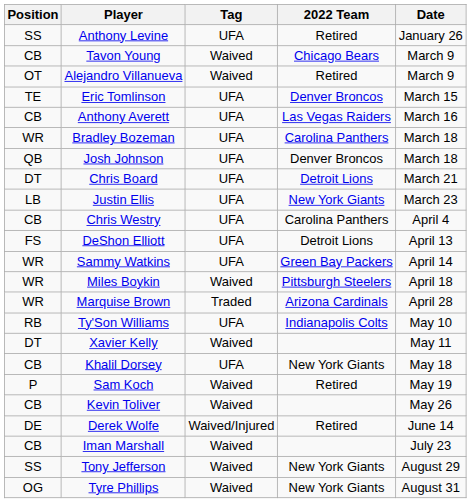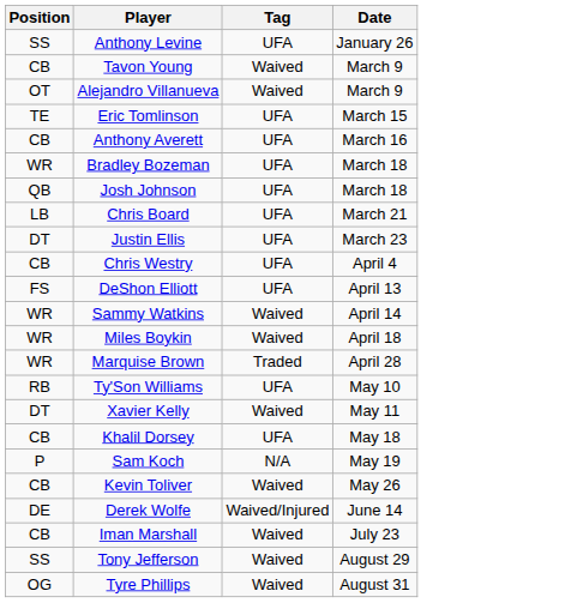 <table class="wikitable sortable" style="text-align:center">
 <tr>
 <th>Position</th>
 <th>Player</th>
 <th>Tag</th>
-<th>2022 Team</th>
 <th>Date</th>
 </tr>
 <tr>
 <td>SS</td>
 <td><a href='#'>Anthony Levine</a></td>
 <td>UFA</td>
-<td>Retired</td>
 <td>January 26</td>
 </tr>
 <tr>
 <td>CB</td>
 <td><a href='#'>Tavon Young</a></td>
 <td>Waived</td>
-<td><a href='#'>Chicago Bears</a></td>
 <td>March 9</td>
 </tr>
 <tr>
 <td>OT</td>
 <td><a href='#'>Alejandro Villanueva</a></td>
 <td>Waived</td>
-<td>Retired</td>
 <td>March 9</td>
 </tr>
 <tr>
 <td>TE</td>
 <td><a href='#'>Eric Tomlinson</a></td>
 <td>UFA</td>
-<td><a href='#'>Denver Broncos</a></td>
 <td>March 15</td>
 </tr>
 <tr>
 <td>CB</td>
 <td><a href='#'>Anthony Averett</a></td>
 <td>UFA</td>
-<td><a href='#'>Las Vegas Raiders</a></td>
 <td>March 16</td>
 </tr>
 <tr>
 <td>WR</td>
 <td><a href='#'>Bradley Bozeman</a></td>
 <td>UFA</td>
-<td><a href='#'>Carolina Panthers</a></td>
 <td>March 18</td>
 </tr>
 <tr>
 <td>QB</td>
 <td><a href='#'>Josh Johnson</a></td>
 <td>UFA</td>
-<td>Denver Broncos</td>
 <td>March 18</td>
 </tr>
 <tr>
-<td>DT</td>
+<td>LB</td>
 <td><a href='#'>Chris Board</a></td>
 <td>UFA</td>
-<td><a href='#'>Detroit Lions</a></td>
 <td>March 21</td>
 </tr>
 <tr>
-<td>LB</td>
+<td>DT</td>
 <td><a href='#'>Justin Ellis</a></td>
 <td>UFA</td>
-<td><a href='#'>New York Giants</a></td>
 <td>March 23</td>
 </tr>
 <tr>
 <td>CB</td>
 <td><a href='#'>Chris Westry</a></td>
 <td>UFA</td>
-<td>Carolina Panthers</td>
 <td>April 4</td>
 </tr>
 <tr>
 <td>FS</td>
 <td><a href='#'>DeShon Elliott</a></td>
 <td>UFA</td>
-<td>Detroit Lions</td>
 <td>April 13</td>
 </tr>
 <tr>
 <td>WR</td>
 <td><a href='#'>Sammy Watkins</a></td>
-<td>UFA</td>
-<td><a href='#'>Green Bay Packers</a></td>
+<td>Waived</td>
 <td>April 14</td>
 </tr>
 <tr>
 <td>WR</td>
 <td><a href='#'>Miles Boykin</a></td>
 <td>Waived</td>
-<td><a href='#'>Pittsburgh Steelers</a></td>
 <td>April 18</td>
 </tr>
 <tr>
 <td>WR</td>
 <td><a href='#'>Marquise Brown</a></td>
 <td>Traded</td>
-<td><a href='#'>Arizona Cardinals</a></td>
 <td>April 28</td>
 </tr>
 <tr>
 <td>RB</td>
 <td><a href='#'>Ty'Son Williams</a></td>
 <td>UFA</td>
-<td><a href='#'>Indianapolis Colts</a></td>
 <td>May 10</td>
 </tr>
 <tr>
 <td>DT</td>
 <td><a href='#'>Xavier Kelly</a></td>
 <td>Waived</td>
-<td></td>
 <td>May 11</td>
 </tr>
 <tr>
 <td>CB</td>
 <td><a href='#'>Khalil Dorsey</a></td>
 <td>UFA</td>
-<td>New York Giants</td>
 <td>May 18</td>
 </tr>
 <tr>
 <td>P</td>
 <td><a href='#'>Sam Koch</a></td>
-<td>Waived</td>
-<td>Retired</td>
+<td>N/A</td>
 <td>May 19</td>
 </tr>
 <tr>
 <td>CB</td>
 <td><a href='#'>Kevin Toliver</a></td>
 <td>Waived</td>
-<td></td>
 <td>May 26</td>
 </tr>
 <tr>
 <td>DE</td>
 <td><a href='#'>Derek Wolfe</a></td>
 <td>Waived/Injured</td>
-<td>Retired</td>
 <td>June 14</td>
 </tr>
 <tr>
 <td>CB</td>
 <td><a href='#'>Iman Marshall</a></td>
 <td>Waived</td>
-<td></td>
 <td>July 23</td>
 </tr>
 <tr>
 <td>SS</td>
 <td><a href='#'>Tony Jefferson</a></td>
 <td>Waived</td>
-<td>New York Giants</td>
 <td>August 29</td>
 </tr>
 <tr>
 <td>OG</td>
 <td><a href='#'>Tyre Phillips</a></td>
 <td>Waived</td>
-<td>New York Giants</td>
 <td>August 31</td>
 </tr>
 </table>
